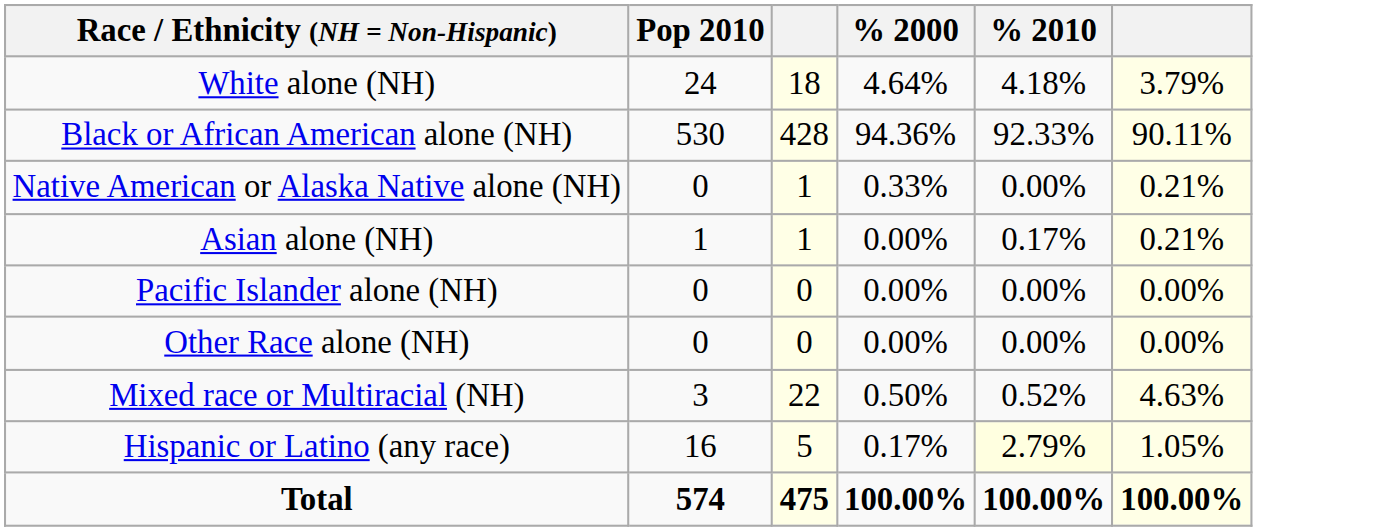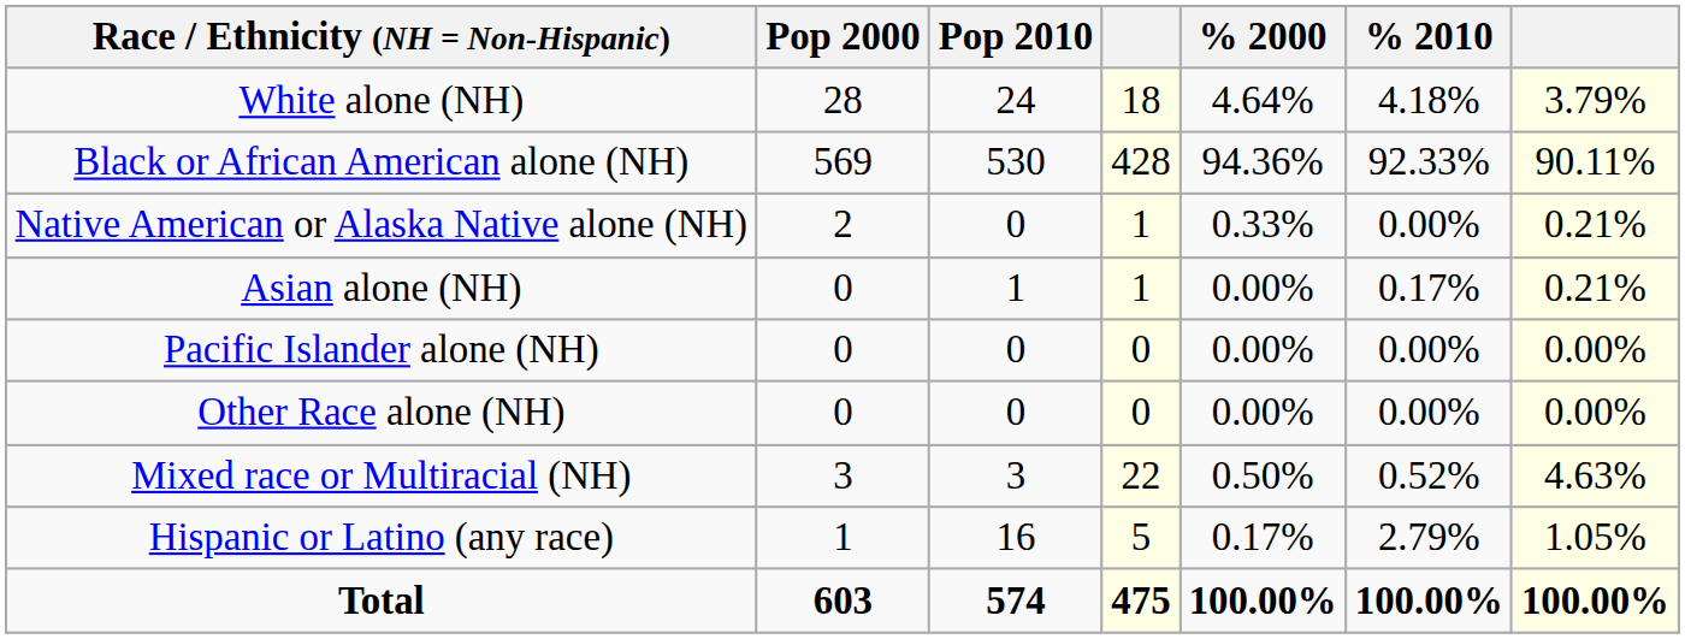 <table class="wikitable" style="text-align:center;">
 <tr>
 <th>Race / Ethnicity <small>(<em>NH = Non-Hispanic</em>)</small></th>
+<th>Pop 2000</th>
 <th>Pop 2010</th>
 <th></th>
 <th>% 2000</th>
 <th>% 2010</th>
 <th></th>
 </tr>
 <tr>
 <td><a href='#'>White</a> alone (NH)</td>
+<td>28</td>
 <td>24</td>
 <td style='background: #ffffe6;'>18</td>
 <td>4.64%</td>
 <td>4.18%</td>
 <td style='background: #ffffe6;'>3.79%</td>
 </tr>
 <tr>
 <td><a href='#'>Black or African American</a> alone (NH)</td>
+<td>569</td>
 <td>530</td>
 <td style='background: #ffffe6;'>428</td>
 <td>94.36%</td>
 <td>92.33%</td>
 <td style='background: #ffffe6;'>90.11%</td>
 </tr>
 <tr>
 <td><a href='#'>Native American</a> or <a href='#'>Alaska Native</a> alone (NH)</td>
+<td>2</td>
 <td>0</td>
 <td style='background: #ffffe6;'>1</td>
 <td>0.33%</td>
 <td>0.00%</td>
 <td style='background: #ffffe6;'>0.21%</td>
 </tr>
 <tr>
 <td><a href='#'>Asian</a> alone (NH)</td>
+<td>0</td>
 <td>1</td>
 <td style='background: #ffffe6;'>1</td>
 <td>0.00%</td>
 <td>0.17%</td>
 <td style='background: #ffffe6;'>0.21%</td>
 </tr>
 <tr>
 <td><a href='#'>Pacific Islander</a> alone (NH)</td>
 <td>0</td>
+<td>0</td>
 <td style='background: #ffffe6;'>0</td>
 <td>0.00%</td>
 <td>0.00%</td>
 <td style='background: #ffffe6;'>0.00%</td>
 </tr>
 <tr>
 <td><a href='#'>Other Race</a> alone (NH)</td>
+<td>0</td>
 <td>0</td>
 <td style='background: #ffffe6;'>0</td>
 <td>0.00%</td>
 <td>0.00%</td>
 <td style='background: #ffffe6;'>0.00%</td>
 </tr>
 <tr>
 <td><a href='#'>Mixed race or Multiracial</a> (NH)</td>
 <td>3</td>
+<td>3</td>
 <td style='background: #ffffe6;'>22</td>
 <td>0.50%</td>
 <td>0.52%</td>
 <td style='background: #ffffe6;'>4.63%</td>
 </tr>
 <tr>
 <td><a href='#'>Hispanic or Latino</a> (any race)</td>
+<td>1</td>
 <td>16</td>
 <td style='background: #ffffe6;'>5</td>
 <td>0.17%</td>
-<td style="background: lightyellow;">2.79%</td>
+<td>2.79%</td>
 <td style='background: #ffffe6;'>1.05%</td>
 </tr>
 <tr>
 <td><strong>Total</strong></td>
+<td><strong>603</strong></td>
 <td><strong>574</strong></td>
 <td style='background: #ffffe6;'><strong>475</strong></td>
 <td><strong>100.00%</strong></td>
 <td><strong>100.00%</strong></td>
 <td style='background: #ffffe6;'><strong>100.00%</strong></td>
 </tr>
 </table>
